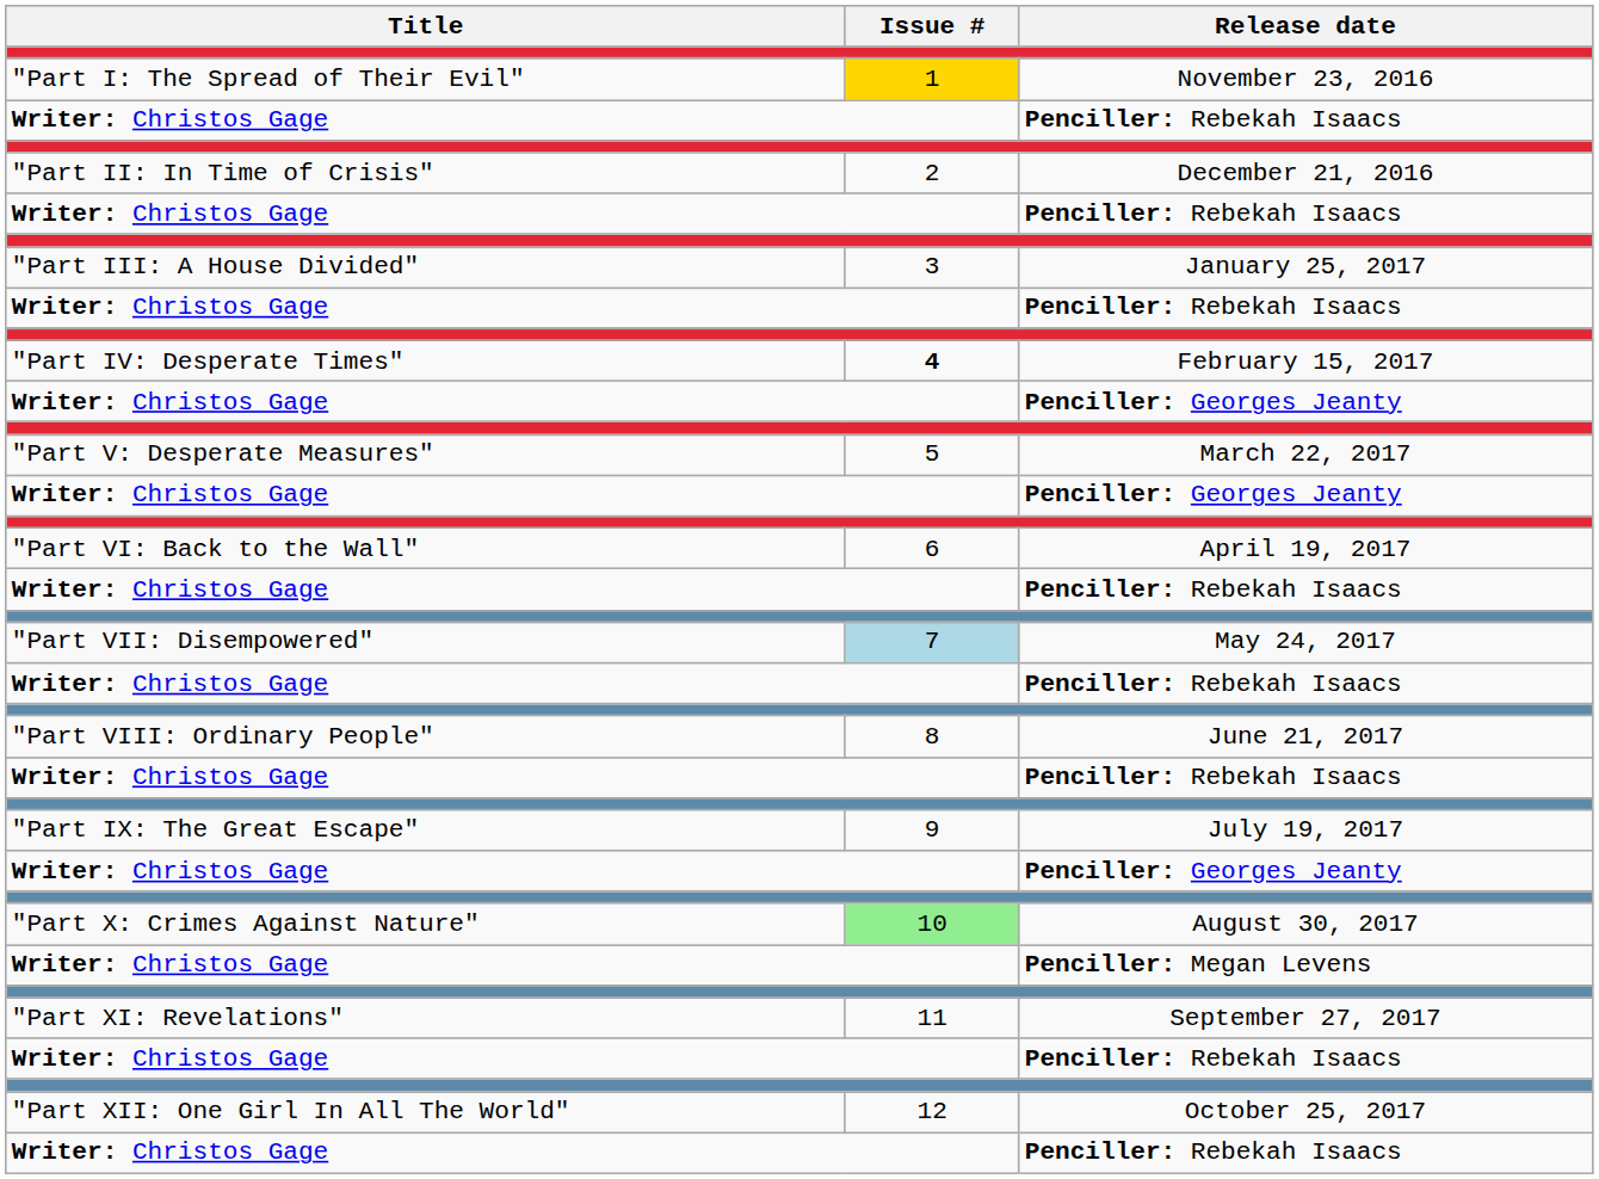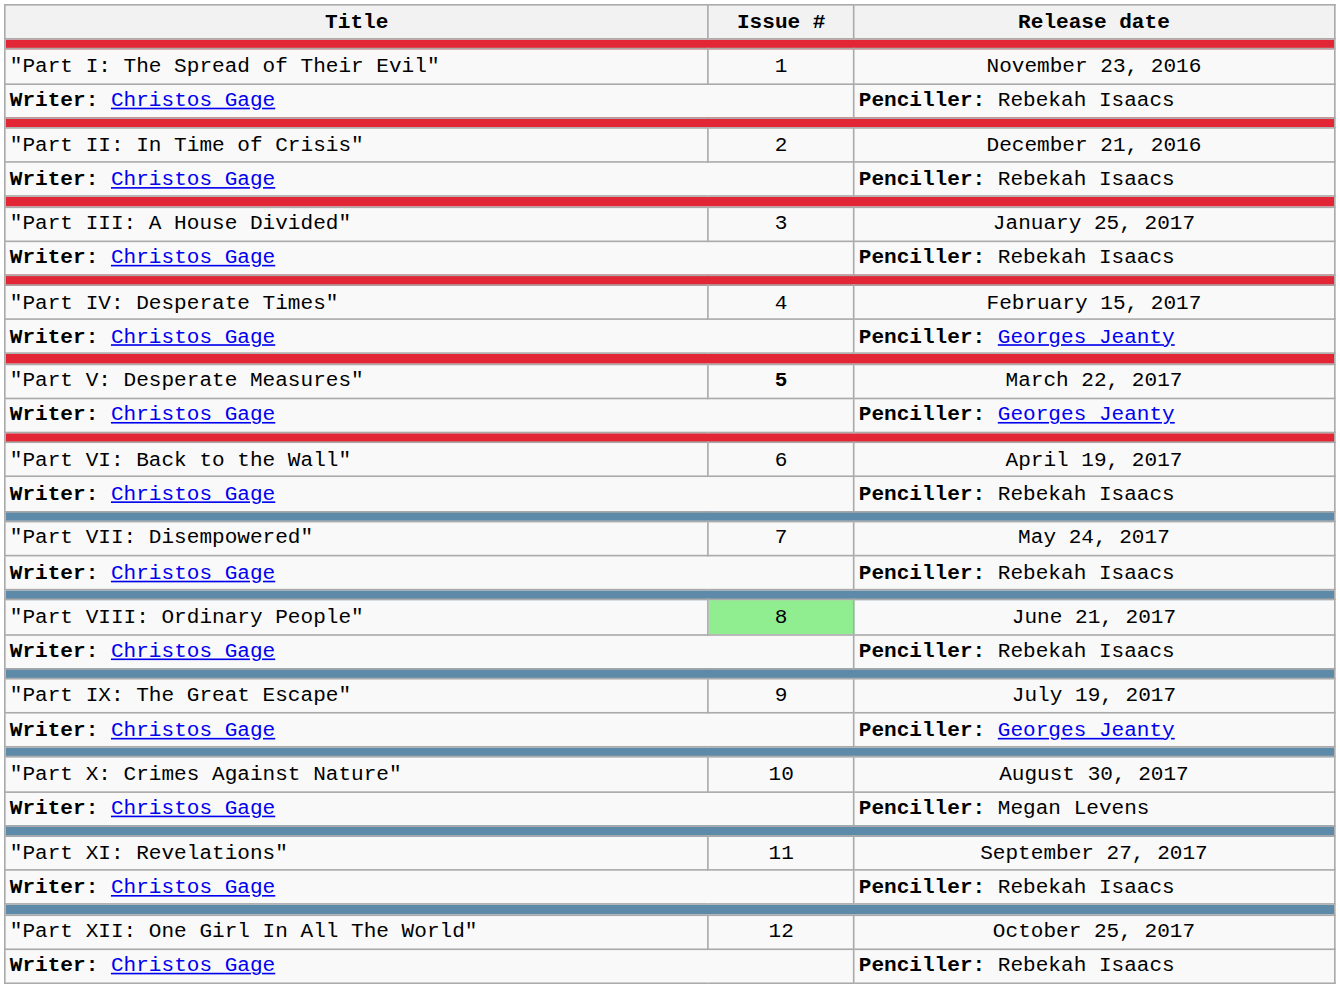 <table class="wikitable" style="width:65%;">
 <tr>
 <th>Title</th>
 <th>Issue #</th>
 <th>Release date</th>
 </tr>
 <tr>
 <td colspan="6" style="background:#e32636;"></td>
 </tr>
 <tr>
 <td>"Part I: The Spread of Their Evil"</td>
-<td style="background: gold; text-align:center;">1</td>
+<td style="text-align:center;">1</td>
 <td style="text-align:center;">November 23, 2016</td>
 </tr>
 <tr>
 <td colspan="2"><strong>Writer:</strong> <a href='#'>Christos Gage</a></td>
 <td><strong>Penciller:</strong> Rebekah Isaacs</td>
 </tr>
 <tr>
 <td colspan="6" style="background:#e32636;"></td>
 </tr>
 <tr>
 <td>"Part II: In Time of Crisis"</td>
 <td style="text-align:center;">2</td>
 <td style="text-align:center;">December 21, 2016</td>
 </tr>
 <tr>
 <td colspan="2"><strong>Writer:</strong> <a href='#'>Christos Gage</a></td>
 <td><strong>Penciller:</strong> Rebekah Isaacs</td>
 </tr>
 <tr>
 <td colspan="6" style="background:#e32636;"></td>
 </tr>
 <tr>
 <td>"Part III: A House Divided"</td>
 <td style="text-align:center;">3</td>
 <td style="text-align:center;">January 25, 2017</td>
 </tr>
 <tr>
 <td colspan="2"><strong>Writer:</strong> <a href='#'>Christos Gage</a></td>
 <td><strong>Penciller:</strong> Rebekah Isaacs</td>
 </tr>
 <tr>
 <td colspan="6" style="background:#e32636;"></td>
 </tr>
 <tr>
 <td>"Part IV: Desperate Times"</td>
-<td style="text-align:center;"><strong>4</strong></td>
+<td style="text-align:center;">4</td>
 <td style="text-align:center;">February 15, 2017</td>
 </tr>
 <tr>
 <td colspan="2"><strong>Writer:</strong> <a href='#'>Christos Gage</a></td>
 <td><strong>Penciller:</strong> <a href='#'>Georges Jeanty</a></td>
 </tr>
 <tr>
 <td colspan="6" style="background:#e32636;"></td>
 </tr>
 <tr>
 <td>"Part V: Desperate Measures"</td>
-<td style="text-align:center;">5</td>
+<td style="text-align:center;"><strong>5</strong></td>
 <td style="text-align:center;">March 22, 2017</td>
 </tr>
 <tr>
 <td colspan="2"><strong>Writer:</strong> <a href='#'>Christos Gage</a></td>
 <td><strong>Penciller:</strong> <a href='#'>Georges Jeanty</a></td>
 </tr>
 <tr>
 <td colspan="6" style="background:#e32636;"></td>
 </tr>
 <tr>
 <td>"Part VI: Back to the Wall"</td>
 <td style="text-align:center;">6</td>
 <td style="text-align:center;">April 19, 2017</td>
 </tr>
 <tr>
 <td colspan="2"><strong>Writer:</strong> <a href='#'>Christos Gage</a></td>
 <td><strong>Penciller:</strong> Rebekah Isaacs</td>
 </tr>
 <tr>
 <td colspan="6" style="background:#5d8aa8;"></td>
 </tr>
 <tr>
 <td>"Part VII: Disempowered"</td>
-<td style="background: lightblue; text-align:center;">7</td>
+<td style="text-align:center;">7</td>
 <td style="text-align:center;">May 24, 2017</td>
 </tr>
 <tr>
 <td colspan="2"><strong>Writer:</strong> <a href='#'>Christos Gage</a></td>
 <td><strong>Penciller:</strong> Rebekah Isaacs</td>
 </tr>
 <tr>
 <td colspan="6" style="background:#5d8aa8;"></td>
 </tr>
 <tr>
 <td>"Part VIII: Ordinary People"</td>
-<td style="text-align:center;">8</td>
+<td style="background: lightgreen; text-align:center;">8</td>
 <td style="text-align:center;">June 21, 2017</td>
 </tr>
 <tr>
 <td colspan="2"><strong>Writer:</strong> <a href='#'>Christos Gage</a></td>
 <td><strong>Penciller:</strong> Rebekah Isaacs</td>
 </tr>
 <tr>
 <td colspan="6" style="background:#5d8aa8;"></td>
 </tr>
 <tr>
 <td>"Part IX: The Great Escape"</td>
 <td style="text-align:center;">9</td>
 <td style="text-align:center;">July 19, 2017</td>
 </tr>
 <tr>
 <td colspan="2"><strong>Writer:</strong> <a href='#'>Christos Gage</a></td>
 <td><strong>Penciller:</strong> <a href='#'>Georges Jeanty</a></td>
 </tr>
 <tr>
 <td colspan="6" style="background:#5d8aa8;"></td>
 </tr>
 <tr>
 <td>"Part X: Crimes Against Nature"</td>
-<td style="background: lightgreen; text-align:center;">10</td>
+<td style="text-align:center;">10</td>
 <td style="text-align:center;">August 30, 2017</td>
 </tr>
 <tr>
 <td colspan="2"><strong>Writer:</strong> <a href='#'>Christos Gage</a></td>
 <td><strong>Penciller:</strong> Megan Levens</td>
 </tr>
 <tr>
 <td colspan="6" style="background:#5d8aa8;"></td>
 </tr>
 <tr>
 <td>"Part XI: Revelations"</td>
 <td style="text-align:center;">11</td>
 <td style="text-align:center;">September 27, 2017</td>
 </tr>
 <tr>
 <td colspan="2"><strong>Writer:</strong> <a href='#'>Christos Gage</a></td>
 <td><strong>Penciller:</strong> Rebekah Isaacs</td>
 </tr>
 <tr>
 <td colspan="6" style="background:#5d8aa8;"></td>
 </tr>
 <tr>
 <td>"Part XII: One Girl In All The World"</td>
 <td style="text-align:center;">12</td>
 <td style="text-align:center;">October 25, 2017</td>
 </tr>
 <tr>
 <td colspan="2"><strong>Writer:</strong> <a href='#'>Christos Gage</a></td>
 <td><strong>Penciller:</strong> Rebekah Isaacs</td>
 </tr>
 </table>
